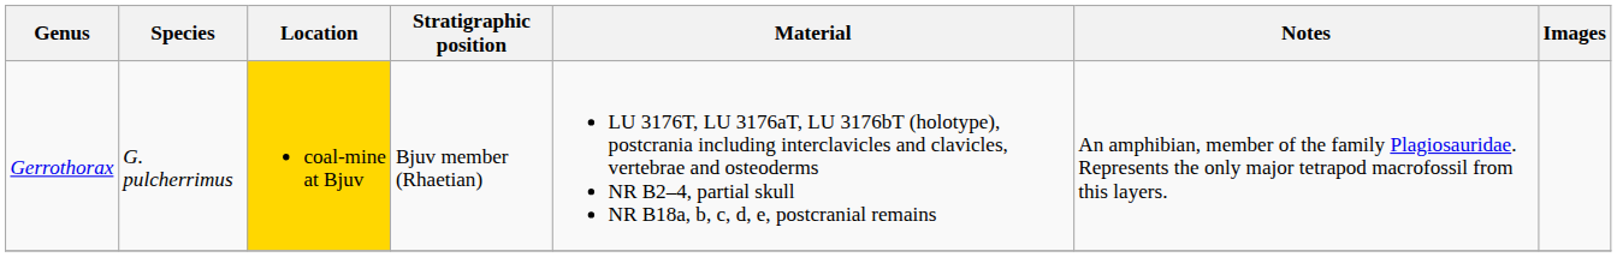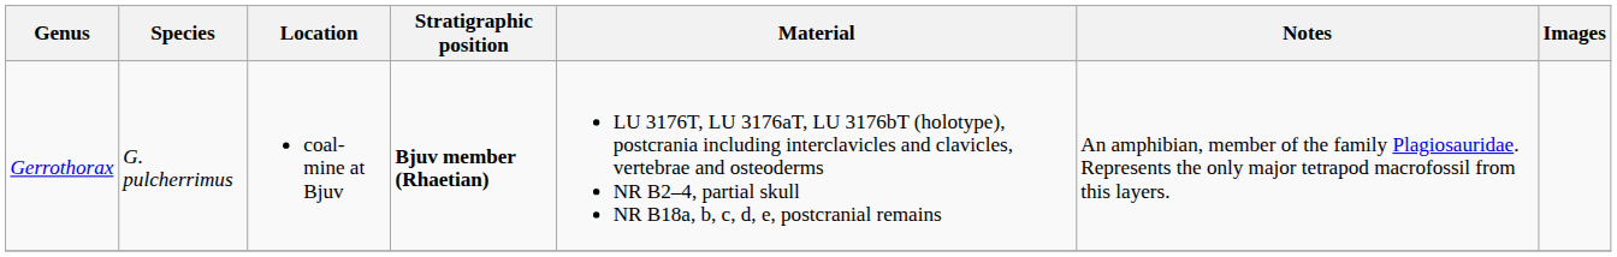 <table class="wikitable" align="center">
 <tr>
 <th>Genus</th>
 <th>Species</th>
 <th>Location</th>
 <th>Stratigraphic position</th>
 <th>Material</th>
 <th>Notes</th>
 <th>Images</th>
 </tr>
 <tr>
 <td><br><em><a href='#'>Gerrothorax</a></em></td>
 <td><br><em>G. pulcherrimus</em></td>
-<td style="background: gold;"><br><ul><li>coal-mine at Bjuv</li></ul></td>
-<td><br>Bjuv member (Rhaetian)</td>
+<td><br><ul><li>coal-mine at Bjuv</li></ul></td>
+<td><strong><br>Bjuv member (Rhaetian)</strong></td>
 <td><br><ul><li>LU 3176T, LU 3176aT, LU 3176bT (holotype), postcrania including interclavicles and clavicles, vertebrae and osteoderms</li><li>NR B2–4, partial skull</li><li>NR B18a, b, c, d, e, postcranial remains</li></ul></td>
 <td><br>An amphibian, member of the family <a href='#'>Plagiosauridae</a>. Represents the only major tetrapod macrofossil from this layers.</td>
 <td><br></td>
 </tr>
 <tr>
 </tr>
 </table>
